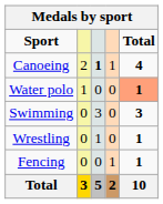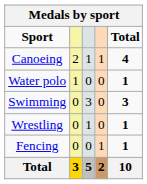 <table class=wikitable style="font-size:85%; float:right">
 <tr bgcolor=efefef>
 <th colspan=7>Medals by sport</th>
 </tr>
 <tr align=center>
 <td><strong>Sport</strong></td>
 <td bgcolor=f7f6a8></td>
 <td bgcolor=dce5e5></td>
 <td bgcolor=ffdab9></td>
 <td><strong>Total</strong></td>
 </tr>
 <tr align=center>
 <td><a href='#'>Canoeing</a></td>
 <td style="background:#F7F6A8;">2</td>
-<td style="background:#DCE5E5;"><strong>1</strong></td>
+<td style="background:#DCE5E5;">1</td>
 <td style="background:#FFDAB9;">1</td>
 <td><strong>4</strong></td>
 </tr>
 <tr align=center>
 <td><a href='#'>Water polo</a></td>
 <td style="background:#F7F6A8;">1</td>
 <td style="background:#DCE5E5;">0</td>
 <td style="background:#FFDAB9;">0</td>
-<td style="background: lightsalmon;"><strong>1</strong></td>
+<td><strong>1</strong></td>
 </tr>
 <tr align=center>
 <td><a href='#'>Swimming</a></td>
 <td style="background:#F7F6A8;">0</td>
 <td style="background:#DCE5E5;">3</td>
 <td style="background:#FFDAB9;">0</td>
 <td><strong>3</strong></td>
 </tr>
 <tr align=center>
 <td><a href='#'>Wrestling</a></td>
 <td style="background:#F7F6A8;">0</td>
 <td style="background:#DCE5E5;">1</td>
 <td style="background:#FFDAB9;">0</td>
 <td><strong>1</strong></td>
 </tr>
 <tr align=center>
 <td><a href='#'>Fencing</a></td>
 <td style="background:#F7F6A8;">0</td>
 <td style="background:#DCE5E5;">0</td>
 <td style="background:#FFDAB9;">1</td>
 <td><strong>1</strong></td>
 </tr>
 <tr align=center>
 <th>Total</th>
 <th style="background:gold">3</th>
 <th style="background:silver">5</th>
 <th style="background:#c96">2</th>
 <th>10</th>
 </tr>
 </table>
